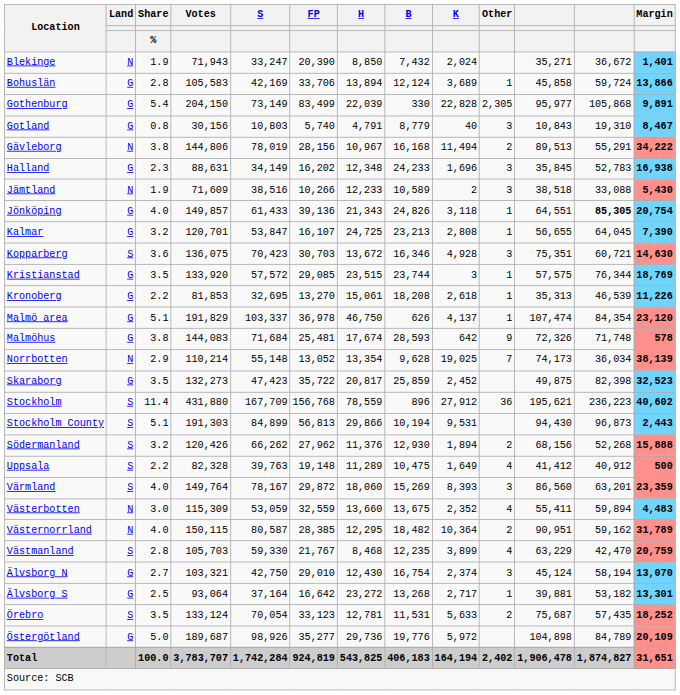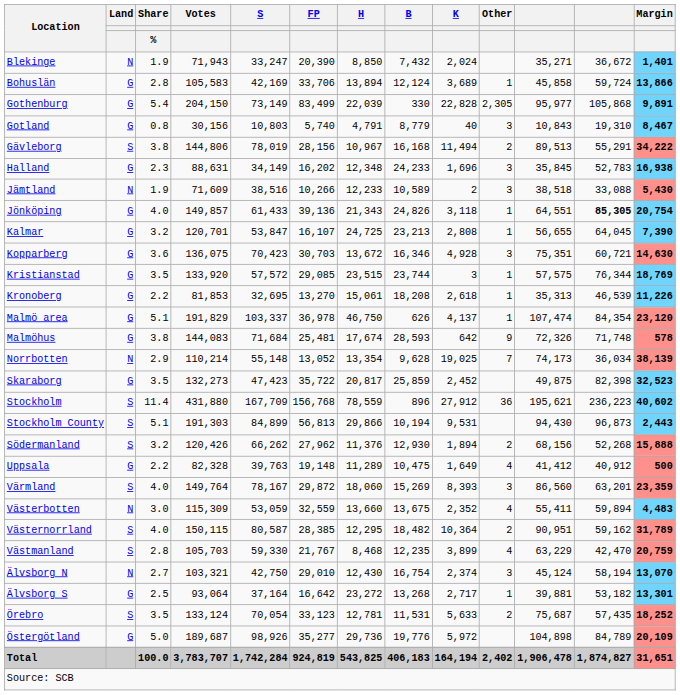 <table class="wikitable sortable" style="text-align:right; font-size:95%; line-height:20px;">
 <tr>
 <th rowspan="3">Location</th>
 <th>Land</th>
 <th>Share</th>
 <th>Votes</th>
 <th width="30px" class="unsortable"><a href='#'>S</a></th>
 <th width="30px" class="unsortable"><a href='#'>FP</a></th>
 <th width="30px" class="unsortable"><a href='#'>H</a></th>
 <th width="30px" class="unsortable"><a href='#'>B</a></th>
 <th width="30px" class="unsortable"><a href='#'>K</a></th>
 <th width="30px" class="unsortable">Other</th>
 <th></th>
 <th></th>
 <th>Margin</th>
 </tr>
 <tr>
 <th></th>
 <th></th>
 <th></th>
 <th style="background:"></th>
 <th style="background:"></th>
 <th style="background:"></th>
 <th style="background:"></th>
 <th style="background:"></th>
 <th style="background:"></th>
 <th style="background:"></th>
 <th style="background:"></th>
 <th></th>
 </tr>
 <tr>
 <th></th>
 <th data-sort-type="number">%</th>
 <th></th>
 <th data-sort-type="number"></th>
 <th data-sort-type="number"></th>
 <th data-sort-type="number"></th>
 <th data-sort-type="number"></th>
 <th data-sort-type="number"></th>
 <th data-sort-type="number"></th>
 <th data-sort-type="number"></th>
 <th data-sort-type="number"></th>
 <th></th>
 </tr>
 <tr>
 <td align=left><a href='#'>Blekinge</a></td>
 <td><a href='#'>N</a></td>
 <td>1.9</td>
 <td>71,943</td>
 <td>33,247</td>
 <td>20,390</td>
 <td>8,850</td>
 <td>7,432</td>
 <td>2,024</td>
 <td></td>
 <td>35,271</td>
 <td>36,672</td>
 <td bgcolor=#6fd5fe><strong>1,401</strong></td>
 </tr>
 <tr>
 <td align=left><a href='#'>Bohuslän</a></td>
 <td><a href='#'>G</a></td>
 <td>2.8</td>
 <td>105,583</td>
 <td>42,169</td>
 <td>33,706</td>
 <td>13,894</td>
 <td>12,124</td>
 <td>3,689</td>
 <td>1</td>
 <td>45,858</td>
 <td>59,724</td>
 <td bgcolor=#6fd5fe><strong>13,866</strong></td>
 </tr>
 <tr>
 <td align=left><a href='#'>Gothenburg</a></td>
 <td><a href='#'>G</a></td>
 <td>5.4</td>
 <td>204,150</td>
 <td>73,149</td>
 <td>83,499</td>
 <td>22,039</td>
 <td>330</td>
 <td>22,828</td>
 <td>2,305</td>
 <td>95,977</td>
 <td>105,868</td>
 <td bgcolor=#6fd5fe><strong>9,891</strong></td>
 </tr>
 <tr>
 <td align=left><a href='#'>Gotland</a></td>
 <td><a href='#'>G</a></td>
 <td>0.8</td>
 <td>30,156</td>
 <td>10,803</td>
 <td>5,740</td>
 <td>4,791</td>
 <td>8,779</td>
 <td>40</td>
 <td>3</td>
 <td>10,843</td>
 <td>19,310</td>
 <td bgcolor=#6fd5fe><strong>8,467</strong></td>
 </tr>
 <tr>
 <td align=left><a href='#'>Gävleborg</a></td>
-<td><a href='#'>N</a></td>
+<td><a href='#'>S</a></td>
 <td>3.8</td>
 <td>144,806</td>
 <td>78,019</td>
 <td>28,156</td>
 <td>10,967</td>
 <td>16,168</td>
 <td>11,494</td>
 <td>2</td>
 <td>89,513</td>
 <td>55,291</td>
 <td bgcolor=#ff908c><strong>34,222</strong></td>
 </tr>
 <tr>
 <td align=left><a href='#'>Halland</a></td>
 <td><a href='#'>G</a></td>
 <td>2.3</td>
 <td>88,631</td>
 <td>34,149</td>
 <td>16,202</td>
 <td>12,348</td>
 <td>24,233</td>
 <td>1,696</td>
 <td>3</td>
 <td>35,845</td>
 <td>52,783</td>
 <td bgcolor=#6fd5fe><strong>16,938</strong></td>
 </tr>
 <tr>
 <td align=left><a href='#'>Jämtland</a></td>
 <td><a href='#'>N</a></td>
 <td>1.9</td>
 <td>71,609</td>
 <td>38,516</td>
 <td>10,266</td>
 <td>12,233</td>
 <td>10,589</td>
 <td>2</td>
 <td>3</td>
 <td>38,518</td>
 <td>33,088</td>
 <td bgcolor=#ff908c><strong>5,430</strong></td>
 </tr>
 <tr>
 <td align=left><a href='#'>Jönköping</a></td>
 <td><a href='#'>G</a></td>
 <td>4.0</td>
 <td>149,857</td>
 <td>61,433</td>
 <td>39,136</td>
 <td>21,343</td>
 <td>24,826</td>
 <td>3,118</td>
 <td>1</td>
 <td>64,551</td>
 <td><strong>85,305</strong></td>
 <td bgcolor=#6fd5fe><strong>20,754</strong></td>
 </tr>
 <tr>
 <td align=left><a href='#'>Kalmar</a></td>
 <td><a href='#'>G</a></td>
 <td>3.2</td>
 <td>120,701</td>
 <td>53,847</td>
 <td>16,107</td>
 <td>24,725</td>
 <td>23,213</td>
 <td>2,808</td>
 <td>1</td>
 <td>56,655</td>
 <td>64,045</td>
 <td bgcolor=#6fd5fe><strong>7,390</strong></td>
 </tr>
 <tr>
 <td align=left><a href='#'>Kopparberg</a></td>
-<td><a href='#'>S</a></td>
+<td><a href='#'>G</a></td>
 <td>3.6</td>
 <td>136,075</td>
 <td>70,423</td>
 <td>30,703</td>
 <td>13,672</td>
 <td>16,346</td>
 <td>4,928</td>
 <td>3</td>
 <td>75,351</td>
 <td>60,721</td>
 <td bgcolor=#ff908c><strong>14,630</strong></td>
 </tr>
 <tr>
 <td align=left><a href='#'>Kristianstad</a></td>
 <td><a href='#'>G</a></td>
 <td>3.5</td>
 <td>133,920</td>
 <td>57,572</td>
 <td>29,085</td>
 <td>23,515</td>
 <td>23,744</td>
 <td>3</td>
 <td>1</td>
 <td>57,575</td>
 <td>76,344</td>
 <td bgcolor=#6fd5fe><strong>18,769</strong></td>
 </tr>
 <tr>
 <td align=left><a href='#'>Kronoberg</a></td>
 <td><a href='#'>G</a></td>
 <td>2.2</td>
 <td>81,853</td>
 <td>32,695</td>
 <td>13,270</td>
 <td>15,061</td>
 <td>18,208</td>
 <td>2,618</td>
 <td>1</td>
 <td>35,313</td>
 <td>46,539</td>
 <td bgcolor=#6fd5fe><strong>11,226</strong></td>
 </tr>
 <tr>
 <td align=left><a href='#'>Malmö area</a></td>
 <td><a href='#'>G</a></td>
 <td>5.1</td>
 <td>191,829</td>
 <td>103,337</td>
 <td>36,978</td>
 <td>46,750</td>
 <td>626</td>
 <td>4,137</td>
 <td>1</td>
 <td>107,474</td>
 <td>84,354</td>
 <td bgcolor=#ff908c><strong>23,120</strong></td>
 </tr>
 <tr>
 <td align=left><a href='#'>Malmöhus</a></td>
 <td><a href='#'>G</a></td>
 <td>3.8</td>
 <td>144,083</td>
 <td>71,684</td>
 <td>25,481</td>
 <td>17,674</td>
 <td>28,593</td>
 <td>642</td>
 <td>9</td>
 <td>72,326</td>
 <td>71,748</td>
 <td bgcolor=#ff908c><strong>578</strong></td>
 </tr>
 <tr>
 <td align=left><a href='#'>Norrbotten</a></td>
 <td><a href='#'>N</a></td>
 <td>2.9</td>
 <td>110,214</td>
 <td>55,148</td>
 <td>13,052</td>
 <td>13,354</td>
 <td>9,628</td>
 <td>19,025</td>
 <td>7</td>
 <td>74,173</td>
 <td>36,034</td>
 <td bgcolor=#ff908c><strong>38,139</strong></td>
 </tr>
 <tr>
 <td align=left><a href='#'>Skaraborg</a></td>
 <td><a href='#'>G</a></td>
 <td>3.5</td>
 <td>132,273</td>
 <td>47,423</td>
 <td>35,722</td>
 <td>20,817</td>
 <td>25,859</td>
 <td>2,452</td>
 <td></td>
 <td>49,875</td>
 <td>82,398</td>
 <td bgcolor=#6fd5fe><strong>32,523</strong></td>
 </tr>
 <tr>
 <td align=left><a href='#'>Stockholm</a></td>
 <td><a href='#'>S</a></td>
 <td>11.4</td>
 <td>431,880</td>
 <td>167,709</td>
 <td>156,768</td>
 <td>78,559</td>
 <td>896</td>
 <td>27,912</td>
 <td>36</td>
 <td>195,621</td>
 <td>236,223</td>
 <td bgcolor=#6fd5fe><strong>40,602</strong></td>
 </tr>
 <tr>
 <td align=left><a href='#'>Stockholm County</a></td>
 <td><a href='#'>S</a></td>
 <td>5.1</td>
 <td>191,303</td>
 <td>84,899</td>
 <td>56,813</td>
 <td>29,866</td>
 <td>10,194</td>
 <td>9,531</td>
 <td></td>
 <td>94,430</td>
 <td>96,873</td>
 <td bgcolor=#6fd5fe><strong>2,443</strong></td>
 </tr>
 <tr>
 <td align=left><a href='#'>Södermanland</a></td>
 <td><a href='#'>S</a></td>
 <td>3.2</td>
 <td>120,426</td>
 <td>66,262</td>
 <td>27,962</td>
 <td>11,376</td>
 <td>12,930</td>
 <td>1,894</td>
 <td>2</td>
 <td>68,156</td>
 <td>52,268</td>
 <td bgcolor=#ff908c><strong>15,888</strong></td>
 </tr>
 <tr>
 <td align=left><a href='#'>Uppsala</a></td>
-<td><a href='#'>S</a></td>
+<td><a href='#'>G</a></td>
 <td>2.2</td>
 <td>82,328</td>
 <td>39,763</td>
 <td>19,148</td>
 <td>11,289</td>
 <td>10,475</td>
 <td>1,649</td>
 <td>4</td>
 <td>41,412</td>
 <td>40,912</td>
 <td bgcolor=#ff908c><strong>500</strong></td>
 </tr>
 <tr>
 <td align=left><a href='#'>Värmland</a></td>
 <td><a href='#'>S</a></td>
 <td>4.0</td>
 <td>149,764</td>
 <td>78,167</td>
 <td>29,872</td>
 <td>18,060</td>
 <td>15,269</td>
 <td>8,393</td>
 <td>3</td>
 <td>86,560</td>
 <td>63,201</td>
 <td bgcolor=#ff908c><strong>23,359</strong></td>
 </tr>
 <tr>
 <td align=left><a href='#'>Västerbotten</a></td>
 <td><a href='#'>N</a></td>
 <td>3.0</td>
 <td>115,309</td>
 <td>53,059</td>
 <td>32,559</td>
 <td>13,660</td>
 <td>13,675</td>
 <td>2,352</td>
 <td>4</td>
 <td>55,411</td>
 <td>59,894</td>
 <td bgcolor=#6fd5fe><strong>4,483</strong></td>
 </tr>
 <tr>
 <td align=left><a href='#'>Västernorrland</a></td>
-<td><a href='#'>N</a></td>
+<td><a href='#'>S</a></td>
 <td>4.0</td>
 <td>150,115</td>
 <td>80,587</td>
 <td>28,385</td>
 <td>12,295</td>
 <td>18,482</td>
 <td>10,364</td>
 <td>2</td>
 <td>90,951</td>
 <td>59,162</td>
 <td bgcolor=#ff908c><strong>31,789</strong></td>
 </tr>
 <tr>
 <td align=left><a href='#'>Västmanland</a></td>
 <td><a href='#'>S</a></td>
 <td>2.8</td>
 <td>105,703</td>
 <td>59,330</td>
 <td>21,767</td>
 <td>8,468</td>
 <td>12,235</td>
 <td>3,899</td>
 <td>4</td>
 <td>63,229</td>
 <td>42,470</td>
 <td bgcolor=#ff908c><strong>20,759</strong></td>
 </tr>
 <tr>
 <td align=left><a href='#'>Älvsborg N</a></td>
-<td><a href='#'>G</a></td>
+<td><a href='#'>N</a></td>
 <td>2.7</td>
 <td>103,321</td>
 <td>42,750</td>
 <td>29,010</td>
 <td>12,430</td>
 <td>16,754</td>
 <td>2,374</td>
 <td>3</td>
 <td>45,124</td>
 <td>58,194</td>
 <td bgcolor=#6fd5fe><strong>13,070</strong></td>
 </tr>
 <tr>
 <td align=left><a href='#'>Älvsborg S</a></td>
 <td><a href='#'>G</a></td>
 <td>2.5</td>
 <td>93,064</td>
 <td>37,164</td>
 <td>16,642</td>
 <td>23,272</td>
 <td>13,268</td>
 <td>2,717</td>
 <td>1</td>
 <td>39,881</td>
 <td>53,182</td>
 <td bgcolor=#6fd5fe><strong>13,301</strong></td>
 </tr>
 <tr>
 <td align=left><a href='#'>Örebro</a></td>
 <td><a href='#'>S</a></td>
 <td>3.5</td>
 <td>133,124</td>
 <td>70,054</td>
 <td>33,123</td>
 <td>12,781</td>
 <td>11,531</td>
 <td>5,633</td>
 <td>2</td>
 <td>75,687</td>
 <td>57,435</td>
 <td bgcolor=#ff908c><strong>18,252</strong></td>
 </tr>
 <tr>
 <td align=left><a href='#'>Östergötland</a></td>
 <td><a href='#'>G</a></td>
 <td>5.0</td>
 <td>189,687</td>
 <td>98,926</td>
 <td>35,277</td>
 <td>29,736</td>
 <td>19,776</td>
 <td>5,972</td>
 <td></td>
 <td>104,898</td>
 <td>84,789</td>
 <td bgcolor=#ff908c><strong>20,109</strong></td>
 </tr>
 <tr>
 </tr>
 <tr style="background:#CDCDCD;">
 <td align=left><strong>Total</strong></td>
 <td></td>
 <td><strong>100.0</strong></td>
 <td><strong>3,783,707</strong></td>
 <td><strong>1,742,284</strong></td>
 <td><strong>924,819</strong></td>
 <td><strong>543,825</strong></td>
 <td><strong>406,183</strong></td>
 <td><strong>164,194</strong></td>
 <td><strong>2,402</strong></td>
 <td><strong>1,906,478</strong></td>
 <td><strong>1,874,827</strong></td>
 <td bgcolor=#ff908c><strong>31,651</strong></td>
 </tr>
 <tr>
 <td align=left colspan=13>Source: SCB </td>
 </tr>
 </table>
